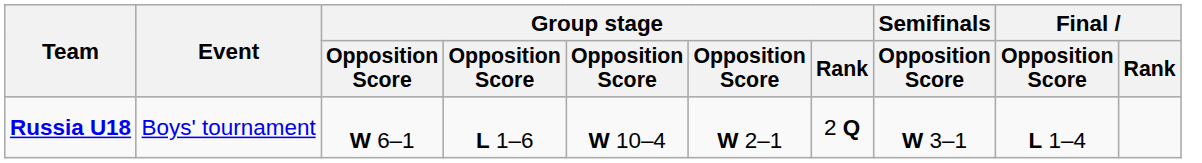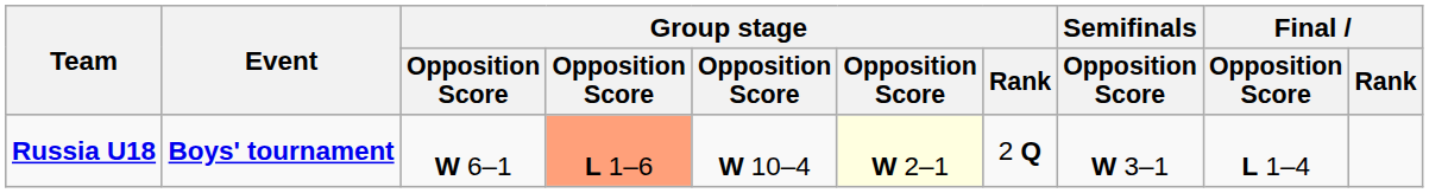 <table class="wikitable" style="text-align:center;font-size:90%">
 <tr>
 <th rowspan=2>Team</th>
 <th rowspan=2>Event</th>
 <th colspan=5>Group stage</th>
 <th>Semifinals</th>
 <th colspan=2>Final / </th>
 </tr>
 <tr style="font-size:95%">
 <th>Opposition<br>Score</th>
 <th>Opposition<br>Score</th>
 <th>Opposition<br>Score</th>
 <th>Opposition<br>Score</th>
 <th>Rank</th>
 <th>Opposition<br>Score</th>
 <th>Opposition<br>Score</th>
 <th>Rank</th>
 </tr>
 <tr>
 <td align=left><strong><a href='#'>Russia U18</a></strong></td>
-<td align=left><a href='#'>Boys' tournament</a></td>
+<td align=left><strong><a href='#'>Boys' tournament</a></strong></td>
 <td><br><strong>W</strong> 6–1</td>
-<td><br><strong>L</strong> 1–6</td>
+<td style="background: lightsalmon;"><br><strong>L</strong> 1–6</td>
 <td><br><strong>W</strong> 10–4</td>
-<td><br><strong>W</strong> 2–1</td>
+<td style="background: lightyellow;"><br><strong>W</strong> 2–1</td>
 <td>2 <strong>Q</strong></td>
 <td><br><strong>W</strong> 3–1</td>
 <td><br><strong>L</strong> 1–4</td>
 <td></td>
 </tr>
 </table>
